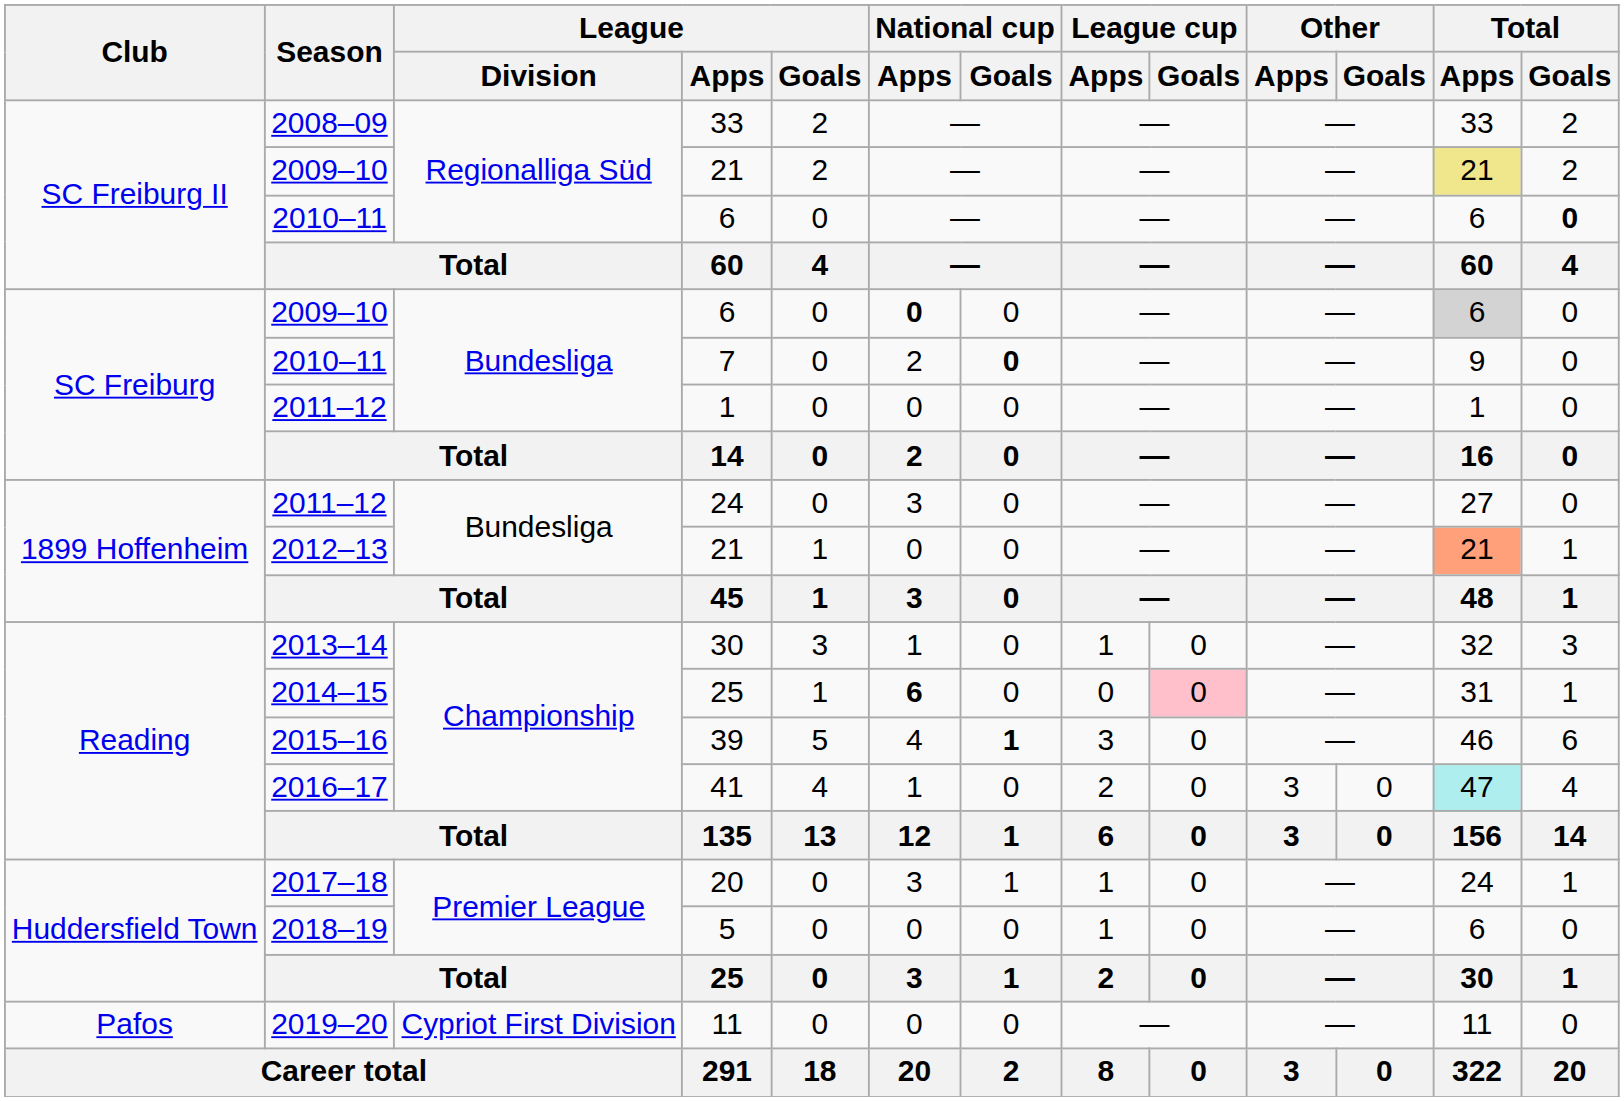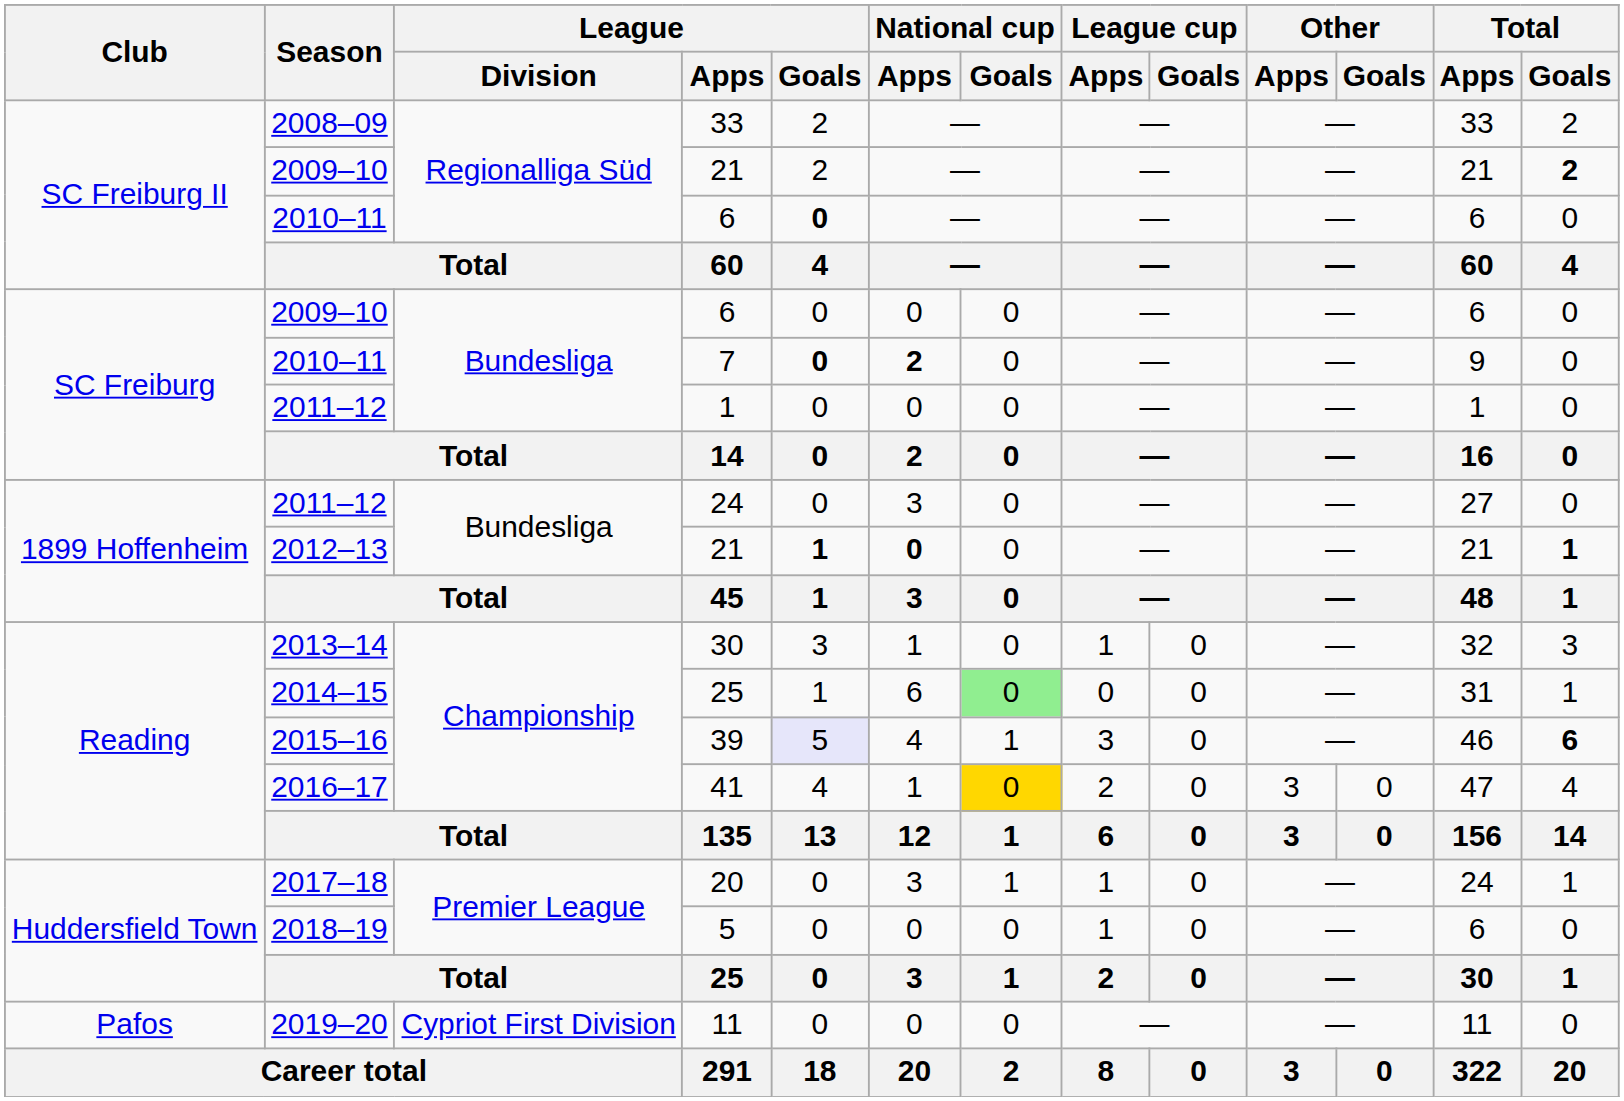 <table class="wikitable" style="text-align:center">
 <tr>
 <th rowspan="2">Club</th>
 <th rowspan="2">Season</th>
 <th colspan="3">League</th>
 <th colspan="2">National cup</th>
 <th colspan="2">League cup</th>
 <th colspan="2">Other</th>
 <th colspan="2">Total</th>
 </tr>
 <tr>
 <th>Division</th>
 <th>Apps</th>
 <th>Goals</th>
 <th>Apps</th>
 <th>Goals</th>
 <th>Apps</th>
 <th>Goals</th>
 <th>Apps</th>
 <th>Goals</th>
 <th>Apps</th>
 <th>Goals</th>
 </tr>
 <tr>
 <td rowspan="4"><a href='#'>SC Freiburg II</a></td>
 <td><a href='#'>2008–09</a></td>
 <td rowspan="3"><a href='#'>Regionalliga Süd</a></td>
 <td>33</td>
 <td>2</td>
 <td colspan="2">—</td>
 <td colspan="2">—</td>
 <td colspan="2">—</td>
 <td>33</td>
 <td>2</td>
 </tr>
 <tr>
 <td><a href='#'>2009–10</a></td>
 <td>21</td>
 <td>2</td>
 <td colspan="2">—</td>
 <td colspan="2">—</td>
 <td colspan="2">—</td>
-<td style="background: khaki;">21</td>
-<td>2</td>
+<td>21</td>
+<td><strong>2</strong></td>
 </tr>
 <tr>
 <td><a href='#'>2010–11</a></td>
 <td>6</td>
-<td>0</td>
+<td><strong>0</strong></td>
 <td colspan="2">—</td>
 <td colspan="2">—</td>
 <td colspan="2">—</td>
 <td>6</td>
-<td><strong>0</strong></td>
+<td>0</td>
 </tr>
 <tr>
 <th colspan="2">Total</th>
 <th>60</th>
 <th>4</th>
 <th colspan="2">—</th>
 <th colspan="2">—</th>
 <th colspan="2">—</th>
 <th>60</th>
 <th>4</th>
 </tr>
 <tr>
 <td rowspan="4"><a href='#'>SC Freiburg</a></td>
 <td><a href='#'>2009–10</a></td>
 <td rowspan="3"><a href='#'>Bundesliga</a></td>
 <td>6</td>
 <td>0</td>
-<td><strong>0</strong></td>
+<td>0</td>
 <td>0</td>
 <td colspan="2">—</td>
 <td colspan="2">—</td>
-<td style="background: lightgrey;">6</td>
+<td>6</td>
 <td>0</td>
 </tr>
 <tr>
 <td><a href='#'>2010–11</a></td>
 <td>7</td>
+<td><strong>0</strong></td>
+<td><strong>2</strong></td>
 <td>0</td>
-<td>2</td>
-<td><strong>0</strong></td>
 <td colspan="2">—</td>
 <td colspan="2">—</td>
 <td>9</td>
 <td>0</td>
 </tr>
 <tr>
 <td><a href='#'>2011–12</a></td>
 <td>1</td>
 <td>0</td>
 <td>0</td>
 <td>0</td>
 <td colspan="2">—</td>
 <td colspan="2">—</td>
 <td>1</td>
 <td>0</td>
 </tr>
 <tr>
 <th colspan="2">Total</th>
 <th>14</th>
 <th>0</th>
 <th>2</th>
 <th>0</th>
 <th colspan="2">—</th>
 <th colspan="2">—</th>
 <th>16</th>
 <th>0</th>
 </tr>
 <tr>
 <td rowspan="3"><a href='#'>1899 Hoffenheim</a></td>
 <td><a href='#'>2011–12</a></td>
 <td rowspan="2">Bundesliga</td>
 <td>24</td>
 <td>0</td>
 <td>3</td>
 <td>0</td>
 <td colspan="2">—</td>
 <td colspan="2">—</td>
 <td>27</td>
 <td>0</td>
 </tr>
 <tr>
 <td><a href='#'>2012–13</a></td>
 <td>21</td>
-<td>1</td>
-<td>0</td>
+<td><strong>1</strong></td>
+<td><strong>0</strong></td>
 <td>0</td>
 <td colspan="2">—</td>
 <td colspan="2">—</td>
-<td style="background: lightsalmon;">21</td>
-<td>1</td>
+<td>21</td>
+<td><strong>1</strong></td>
 </tr>
 <tr>
 <th colspan="2">Total</th>
 <th>45</th>
 <th>1</th>
 <th>3</th>
 <th>0</th>
 <th colspan="2">—</th>
 <th colspan="2">—</th>
 <th>48</th>
 <th>1</th>
 </tr>
 <tr>
 <td rowspan="5"><a href='#'>Reading</a></td>
 <td><a href='#'>2013–14</a></td>
 <td rowspan="4"><a href='#'>Championship</a></td>
 <td>30</td>
 <td>3</td>
 <td>1</td>
 <td>0</td>
 <td>1</td>
 <td>0</td>
 <td colspan="2">—</td>
 <td>32</td>
 <td>3</td>
 </tr>
 <tr>
 <td><a href='#'>2014–15</a></td>
 <td>25</td>
 <td>1</td>
-<td><strong>6</strong></td>
+<td>6</td>
+<td style="background: lightgreen;">0</td>
 <td>0</td>
 <td>0</td>
-<td style="background: pink;">0</td>
 <td colspan="2">—</td>
 <td>31</td>
 <td>1</td>
 </tr>
 <tr>
 <td><a href='#'>2015–16</a></td>
 <td>39</td>
-<td>5</td>
+<td style="background: lavender;">5</td>
 <td>4</td>
-<td><strong>1</strong></td>
+<td>1</td>
 <td>3</td>
 <td>0</td>
 <td colspan="2">—</td>
 <td>46</td>
-<td>6</td>
+<td><strong>6</strong></td>
 </tr>
 <tr>
 <td><a href='#'>2016–17</a></td>
 <td>41</td>
 <td>4</td>
 <td>1</td>
-<td>0</td>
+<td style="background: gold;">0</td>
 <td>2</td>
 <td>0</td>
 <td>3</td>
 <td>0</td>
-<td style="background: paleturquoise;">47</td>
+<td>47</td>
 <td>4</td>
 </tr>
 <tr>
 <th colspan="2">Total</th>
 <th>135</th>
 <th>13</th>
 <th>12</th>
 <th>1</th>
 <th>6</th>
 <th>0</th>
 <th>3</th>
 <th>0</th>
 <th>156</th>
 <th>14</th>
 </tr>
 <tr>
 <td rowspan="3"><a href='#'>Huddersfield Town</a></td>
 <td><a href='#'>2017–18</a></td>
 <td rowspan="2"><a href='#'>Premier League</a></td>
 <td>20</td>
 <td>0</td>
 <td>3</td>
 <td>1</td>
 <td>1</td>
 <td>0</td>
 <td colspan="2">—</td>
 <td>24</td>
 <td>1</td>
 </tr>
 <tr>
 <td><a href='#'>2018–19</a></td>
 <td>5</td>
 <td>0</td>
 <td>0</td>
 <td>0</td>
 <td>1</td>
 <td>0</td>
 <td colspan="2">—</td>
 <td>6</td>
 <td>0</td>
 </tr>
 <tr>
 <th colspan="2">Total</th>
 <th>25</th>
 <th>0</th>
 <th>3</th>
 <th>1</th>
 <th>2</th>
 <th>0</th>
 <th colspan="2">—</th>
 <th>30</th>
 <th>1</th>
 </tr>
 <tr>
 <td rowspan="1"><a href='#'>Pafos</a></td>
 <td><a href='#'>2019–20</a></td>
 <td rowspan="1"><a href='#'>Cypriot First Division</a></td>
 <td>11</td>
 <td>0</td>
 <td>0</td>
 <td>0</td>
 <td colspan="2">—</td>
 <td colspan="2">—</td>
 <td>11</td>
 <td>0</td>
 </tr>
 <tr>
 <th colspan="3">Career total</th>
 <th>291</th>
 <th>18</th>
 <th>20</th>
 <th>2</th>
 <th>8</th>
 <th>0</th>
 <th>3</th>
 <th>0</th>
 <th>322</th>
 <th>20</th>
 </tr>
 </table>
